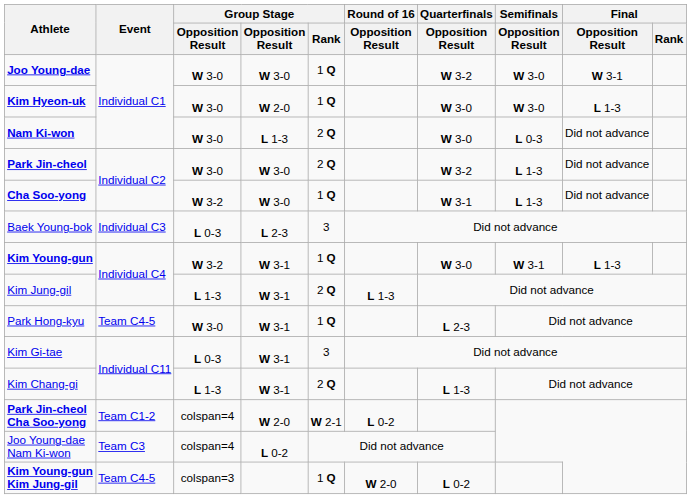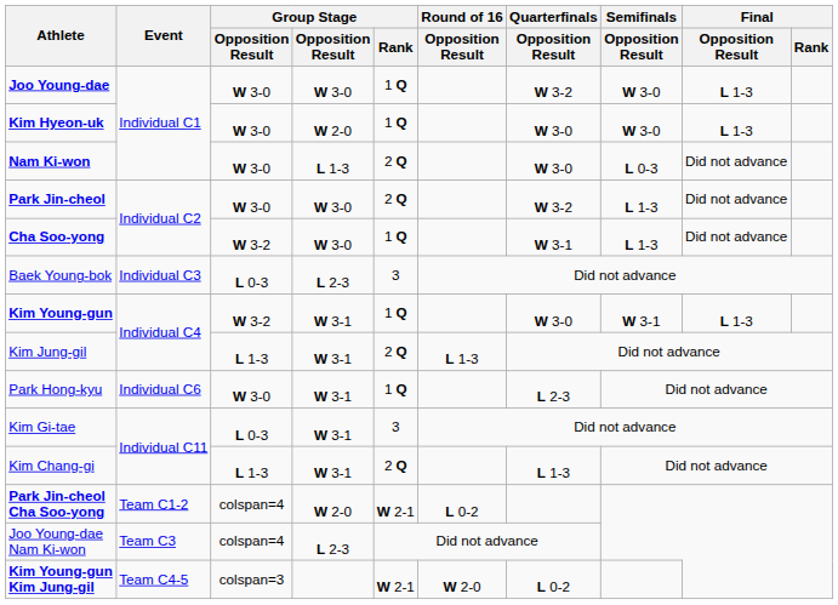 <table class=wikitable style="font-size:90%">
 <tr>
 <th rowspan="2">Athlete</th>
 <th rowspan="2">Event</th>
 <th colspan="3">Group Stage</th>
 <th>Round of 16</th>
 <th>Quarterfinals</th>
 <th>Semifinals</th>
 <th colspan="2">Final</th>
 </tr>
 <tr>
 <th>Opposition<br>Result</th>
 <th>Opposition<br>Result</th>
 <th>Rank</th>
 <th>Opposition<br>Result</th>
 <th>Opposition<br>Result</th>
 <th>Opposition<br>Result</th>
 <th>Opposition<br>Result</th>
 <th>Rank</th>
 </tr>
 <tr align=center>
 <td align=left><strong><a href='#'>Joo Young-dae</a></strong></td>
 <td rowspan="3" align="left"><a href='#'>Individual C1</a></td>
 <td><br><strong>W</strong> 3-0</td>
 <td><br><strong>W</strong> 3-0</td>
 <td>1 <strong>Q</strong></td>
 <td></td>
 <td><br><strong>W</strong> 3-2</td>
 <td><br><strong>W</strong> 3-0</td>
-<td><br><strong>W</strong> 3-1</td>
+<td><br><strong>L</strong> 1-3</td>
 <td></td>
 </tr>
 <tr align=center>
 <td align=left><strong><a href='#'>Kim Hyeon-uk</a></strong></td>
 <td><br><strong>W</strong> 3-0</td>
 <td><br><strong>W</strong> 2-0</td>
 <td>1 <strong>Q</strong></td>
 <td></td>
 <td><br><strong>W</strong> 3-0</td>
 <td><br><strong>W</strong> 3-0</td>
 <td><br><strong>L</strong> 1-3</td>
 <td></td>
 </tr>
 <tr align=center>
 <td align=left><strong><a href='#'>Nam Ki-won</a></strong></td>
 <td><br><strong>W</strong> 3-0</td>
 <td><br><strong>L</strong> 1-3</td>
 <td>2 <strong>Q</strong></td>
 <td></td>
 <td><br><strong>W</strong> 3-0</td>
 <td><br><strong>L</strong> 0-3</td>
 <td colspan=1>Did not advance</td>
 <td></td>
 </tr>
 <tr align=center>
 <td align=left><strong><a href='#'>Park Jin-cheol</a></strong></td>
 <td rowspan="2" align="left"><a href='#'>Individual C2</a></td>
 <td><br><strong>W</strong> 3-0</td>
 <td><br><strong>W</strong> 3-0</td>
 <td>2 <strong>Q</strong></td>
 <td></td>
 <td><br><strong>W</strong> 3-2</td>
 <td><br><strong>L</strong> 1-3</td>
 <td colspan=1>Did not advance</td>
 <td></td>
 </tr>
 <tr align=center>
 <td align=left><strong><a href='#'>Cha Soo-yong</a></strong></td>
 <td><br><strong>W</strong> 3-2</td>
 <td><br><strong>W</strong> 3-0</td>
 <td>1 <strong>Q</strong></td>
 <td></td>
 <td><br><strong>W</strong> 3-1</td>
 <td><br><strong>L</strong> 1-3</td>
 <td colspan=1>Did not advance</td>
 <td></td>
 </tr>
 <tr align=center>
 <td align=left><a href='#'>Baek Young-bok</a></td>
 <td align=left><a href='#'>Individual C3</a></td>
 <td><br><strong>L</strong> 0-3</td>
 <td><br><strong>L</strong> 2-3</td>
 <td>3</td>
 <td colspan=5>Did not advance</td>
 </tr>
 <tr align=center>
 <td align=left><strong><a href='#'>Kim Young-gun</a></strong></td>
 <td rowspan="2" align="left"><a href='#'>Individual C4</a></td>
 <td><br><strong>W</strong> 3-2</td>
 <td><br><strong>W</strong> 3-1</td>
 <td>1 <strong>Q</strong></td>
 <td></td>
 <td><br><strong>W</strong> 3-0</td>
 <td><br><strong>W</strong> 3-1</td>
 <td><br><strong>L</strong> 1-3</td>
 <td></td>
 </tr>
 <tr align=center>
 <td align=left><a href='#'>Kim Jung-gil</a></td>
 <td><br><strong>L</strong> 1-3</td>
 <td><br><strong>W</strong> 3-1</td>
 <td>2 <strong>Q</strong></td>
 <td><br><strong>L</strong> 1-3</td>
 <td colspan=4>Did not advance</td>
 </tr>
 <tr align=center>
 <td align=left><a href='#'>Park Hong-kyu</a></td>
-<td align="left"><a href='#'>Team C4-5</a></td>
+<td align=left><a href='#'>Individual C6</a></td>
 <td><br><strong>W</strong> 3-0</td>
 <td><br><strong>W</strong> 3-1</td>
 <td>1 <strong>Q</strong></td>
 <td></td>
 <td><br><strong>L</strong> 2-3</td>
 <td colspan=3>Did not advance</td>
 </tr>
 <tr align=center>
 <td align=left><a href='#'>Kim Gi-tae</a></td>
 <td rowspan="2" align=left><a href='#'>Individual C11</a></td>
 <td><br><strong>L</strong> 0-3</td>
 <td><br><strong>W</strong> 3-1</td>
 <td>3</td>
 <td colspan=5>Did not advance</td>
 </tr>
 <tr align=center>
 <td align=left><a href='#'>Kim Chang-gi</a></td>
 <td><br><strong>L</strong> 1-3</td>
 <td><br><strong>W</strong> 3-1</td>
 <td>2 <strong>Q</strong></td>
 <td></td>
 <td><br><strong>L</strong> 1-3</td>
 <td colspan=3>Did not advance</td>
 </tr>
 <tr align=center>
 <td align=left><strong><a href='#'>Park Jin-cheol</a><br><a href='#'>Cha Soo-yong</a></strong></td>
 <td align="left"><a href='#'>Team C1-2</a></td>
 <td>colspan=4 </td>
 <td><br><strong>W</strong> 2-0</td>
 <td><br><strong>W</strong> 2-1</td>
 <td><br><strong>L</strong> 0-2</td>
 <td></td>
 </tr>
 <tr align=center>
 <td align=left><a href='#'>Joo Young-dae</a><br><a href='#'>Nam Ki-won</a></td>
 <td align="left"><a href='#'>Team C3</a></td>
 <td>colspan=4 </td>
-<td><br><strong>L</strong> 0-2</td>
+<td><br><strong>L</strong> 2-3</td>
 <td colspan=3>Did not advance</td>
 </tr>
 <tr align=center>
 <td align=left><strong><a href='#'>Kim Young-gun</a><br><a href='#'>Kim Jung-gil</a></strong></td>
 <td align="left"><a href='#'>Team C4-5</a></td>
 <td>colspan=3 </td>
 <td></td>
-<td>1 <strong>Q</strong></td>
+<td><br><strong>W</strong> 2-1</td>
 <td><br><strong>W</strong> 2-0</td>
 <td><br><strong>L</strong> 0-2</td>
 <td></td>
 </tr>
 </table>
